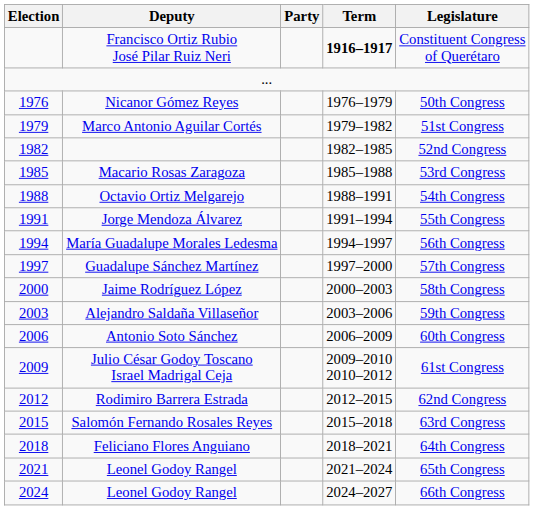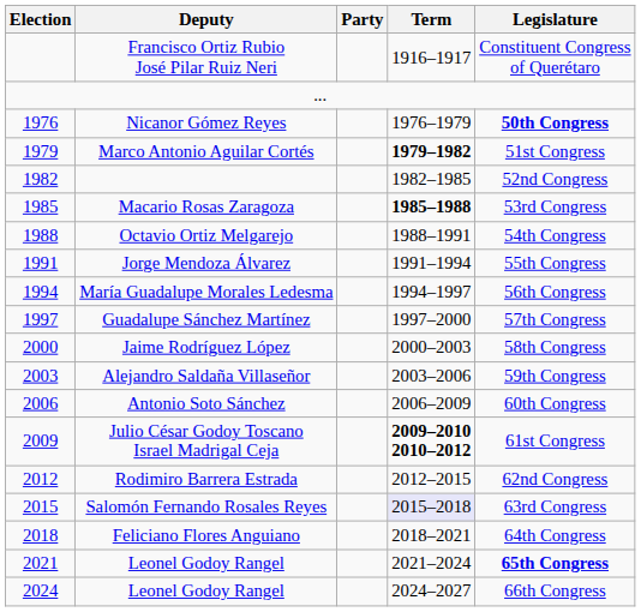 <table class="wikitable sortable" style="text-align: center">
 <tr>
 <th>Election</th>
 <th class="unsortable">Deputy</th>
 <th class="unsortable">Party</th>
 <th class="unsortable">Term</th>
 <th class="unsortable">Legislature</th>
 </tr>
 <tr>
 <td></td>
 <td><a href='#'>Francisco Ortiz Rubio</a><br><a href='#'>José Pilar Ruiz Neri</a></td>
 <td></td>
-<td><strong>1916–1917</strong></td>
+<td>1916–1917</td>
 <td><a href='#'>Constituent Congress<br>of Querétaro</a></td>
 </tr>
 <tr>
 <td colspan=5> ...</td>
 </tr>
 <tr>
 <td><a href='#'>1976</a></td>
 <td><a href='#'>Nicanor Gómez Reyes</a></td>
 <td></td>
 <td>1976–1979</td>
-<td><a href='#'>50th Congress</a></td>
+<td><strong><a href='#'>50th Congress</a></strong></td>
 </tr>
 <tr>
 <td><a href='#'>1979</a></td>
 <td><a href='#'>Marco Antonio Aguilar Cortés</a></td>
 <td></td>
-<td>1979–1982</td>
+<td><strong>1979–1982</strong></td>
 <td><a href='#'>51st Congress</a></td>
 </tr>
 <tr>
 <td><a href='#'>1982</a></td>
 <td></td>
 <td></td>
 <td>1982–1985</td>
 <td><a href='#'>52nd Congress</a></td>
 </tr>
 <tr>
 <td><a href='#'>1985</a></td>
 <td><a href='#'>Macario Rosas Zaragoza</a></td>
 <td></td>
-<td>1985–1988</td>
+<td><strong>1985–1988</strong></td>
 <td><a href='#'>53rd Congress</a></td>
 </tr>
 <tr>
 <td><a href='#'>1988</a></td>
 <td><a href='#'>Octavio Ortiz Melgarejo</a></td>
 <td></td>
 <td>1988–1991</td>
 <td><a href='#'>54th Congress</a></td>
 </tr>
 <tr>
 <td><a href='#'>1991</a></td>
 <td><a href='#'>Jorge Mendoza Álvarez</a></td>
 <td></td>
 <td>1991–1994</td>
 <td><a href='#'>55th Congress</a></td>
 </tr>
 <tr>
 <td><a href='#'>1994</a></td>
 <td><a href='#'>María Guadalupe Morales Ledesma</a></td>
 <td></td>
 <td>1994–1997</td>
 <td><a href='#'>56th Congress</a></td>
 </tr>
 <tr>
 <td><a href='#'>1997</a></td>
 <td><a href='#'>Guadalupe Sánchez Martínez</a></td>
 <td></td>
 <td>1997–2000</td>
 <td><a href='#'>57th Congress</a></td>
 </tr>
 <tr>
 <td><a href='#'>2000</a></td>
 <td><a href='#'>Jaime Rodríguez López</a></td>
 <td></td>
 <td>2000–2003</td>
 <td><a href='#'>58th Congress</a></td>
 </tr>
 <tr>
 <td><a href='#'>2003</a></td>
 <td><a href='#'>Alejandro Saldaña Villaseñor</a></td>
 <td></td>
 <td>2003–2006</td>
 <td><a href='#'>59th Congress</a></td>
 </tr>
 <tr>
 <td><a href='#'>2006</a></td>
 <td><a href='#'>Antonio Soto Sánchez</a></td>
 <td></td>
 <td>2006–2009</td>
 <td><a href='#'>60th Congress</a></td>
 </tr>
 <tr>
 <td><a href='#'>2009</a></td>
 <td><a href='#'>Julio César Godoy Toscano</a><br><a href='#'>Israel Madrigal Ceja</a></td>
 <td></td>
-<td>2009–2010<br>2010–2012</td>
+<td><strong>2009–2010<br>2010–2012</strong></td>
 <td><a href='#'>61st Congress</a></td>
 </tr>
 <tr>
 <td><a href='#'>2012</a></td>
 <td><a href='#'>Rodimiro Barrera Estrada</a></td>
 <td></td>
 <td>2012–2015</td>
 <td><a href='#'>62nd Congress</a></td>
 </tr>
 <tr>
 <td><a href='#'>2015</a></td>
 <td><a href='#'>Salomón Fernando Rosales Reyes</a></td>
 <td></td>
-<td>2015–2018</td>
+<td style="background: lavender;">2015–2018</td>
 <td><a href='#'>63rd Congress</a></td>
 </tr>
 <tr>
 <td><a href='#'>2018</a></td>
 <td><a href='#'>Feliciano Flores Anguiano</a></td>
 <td></td>
 <td>2018–2021</td>
 <td><a href='#'>64th Congress</a></td>
 </tr>
 <tr>
 <td><a href='#'>2021</a></td>
 <td><a href='#'>Leonel Godoy Rangel</a></td>
 <td></td>
 <td>2021–2024</td>
-<td><a href='#'>65th Congress</a></td>
+<td><strong><a href='#'>65th Congress</a></strong></td>
 </tr>
 <tr>
 <td><a href='#'>2024</a></td>
 <td><a href='#'>Leonel Godoy Rangel</a></td>
 <td></td>
 <td>2024–2027</td>
 <td><a href='#'>66th Congress</a></td>
 </tr>
 </table>
